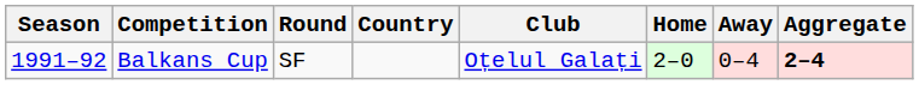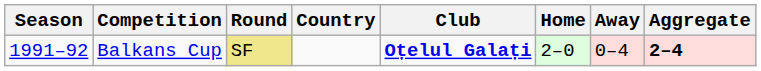 <table class="wikitable">
 <tr>
 <th>Season</th>
 <th>Competition</th>
 <th>Round</th>
 <th>Country</th>
 <th>Club</th>
 <th>Home</th>
 <th>Away</th>
 <th>Aggregate</th>
 </tr>
 <tr>
 <td rowspan=2><a href='#'>1991–92</a></td>
 <td rowspan=2><a href='#'>Balkans Cup</a></td>
-<td>SF</td>
+<td style="background: khaki;">SF</td>
 <td></td>
-<td><a href='#'>Oțelul Galați</a></td>
+<td><strong><a href='#'>Oțelul Galați</a></strong></td>
 <td bgcolor="#DDFFDD" style="text">2–0</td>
 <td bgcolor="#FFDDDD" style="text">0–4</td>
 <td bgcolor="#FFDDDD" style="text"><strong>2–4</strong></td>
 </tr>
 </table>
